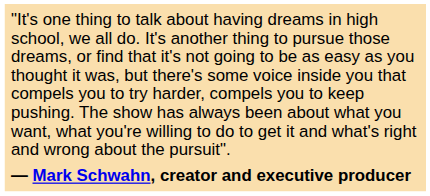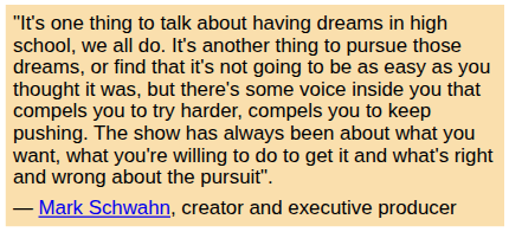 <table class="toccolours" style="float: right; margin-left: 1em; margin-right: 0em; font-size: 85%; background:#FADFAD; color:black; width:25em; max-width: 40%;" cellspacing="4">
 <tr>
 <td style="text-align: left;" style="color:black;">"It's one thing to talk about having dreams in high school, we all do. It's another thing to pursue those dreams, or find that it's not going to be as easy as you thought it was, but there's some voice inside you that compels you to try harder, compels you to keep pushing. The show has always been about what you want, what you're willing to do to get it and what's right and wrong about the pursuit".</td>
 </tr>
 <tr>
-<td style="text-align: left;" style="color:black;"><strong>— <a href='#'>Mark Schwahn</a>, creator and executive producer</strong></td>
+<td style="text-align: left;" style="color:black;">— <a href='#'>Mark Schwahn</a>, creator and executive producer</td>
 </tr>
 </table>
